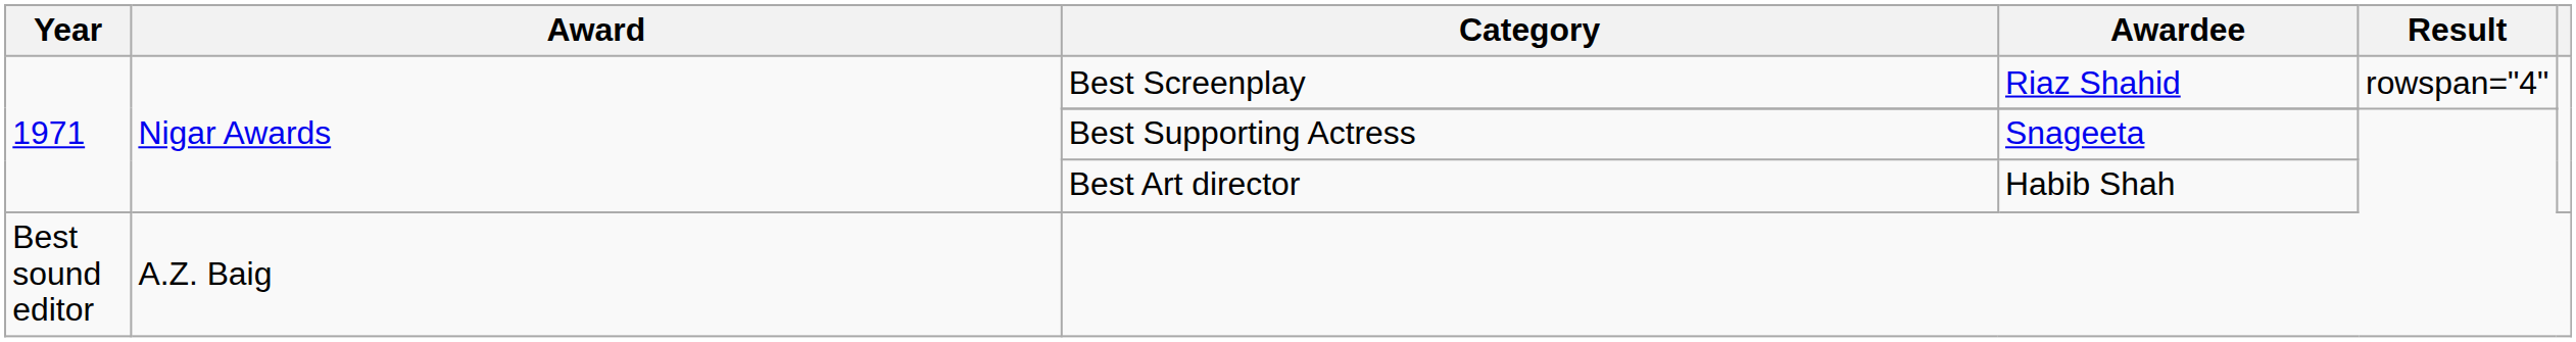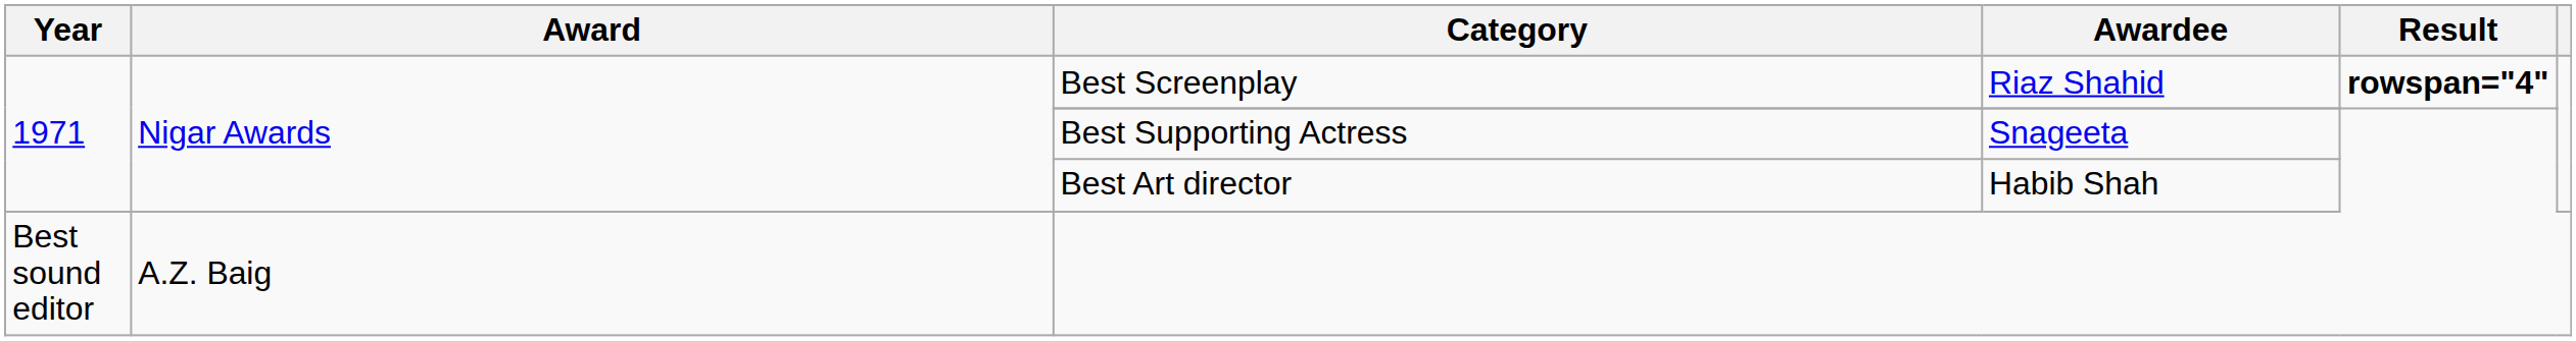 <table class="wikitable sortable" width=100%>
 <tr>
 <th width=5%>Year</th>
 <th style="width:40%;">Award</th>
 <th style="width:40%;">Category</th>
 <th style="width:40%;">Awardee</th>
 <th style="width:10%;">Result</th>
 <th width=5%></th>
 </tr>
 <tr>
 <td rowspan="4"><a href='#'>1971</a></td>
 <td rowspan="4"><a href='#'>Nigar Awards</a></td>
 <td>Best Screenplay</td>
 <td><a href='#'>Riaz Shahid</a></td>
-<td>rowspan="4"</td>
+<td><strong>rowspan="4"</strong></td>
 <td rowspan="4"></td>
 </tr>
 <tr>
 </tr>
 <tr>
 <td>Best Supporting Actress</td>
 <td><a href='#'>Snageeta</a></td>
 </tr>
 <tr>
 <td>Best Art director</td>
 <td>Habib Shah</td>
 </tr>
 <tr>
 <td>Best sound editor</td>
 <td>A.Z. Baig</td>
 </tr>
 </table>
